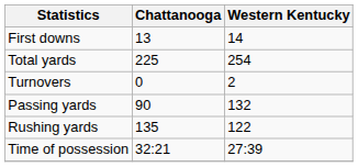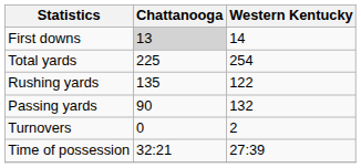 <table class="wikitable">
 <tr>
 <th>Statistics</th>
 <th>Chattanooga</th>
 <th>Western Kentucky</th>
 </tr>
 <tr>
 <td>First downs</td>
-<td>13</td>
+<td style="background: lightgrey;">13</td>
 <td>14</td>
 </tr>
 <tr>
 <td>Total yards</td>
 <td>225</td>
 <td>254</td>
 </tr>
 <tr>
-<td>Turnovers</td>
-<td>0</td>
-<td>2</td>
+<td>Rushing yards</td>
+<td>135</td>
+<td>122</td>
 </tr>
 <tr>
 <td>Passing yards</td>
 <td>90</td>
 <td>132</td>
 </tr>
 <tr>
-<td>Rushing yards</td>
-<td>135</td>
-<td>122</td>
+<td>Turnovers</td>
+<td>0</td>
+<td>2</td>
 </tr>
 <tr>
 <td>Time of possession</td>
 <td>32:21</td>
 <td>27:39</td>
 </tr>
 <tr>
 </tr>
 </table>
